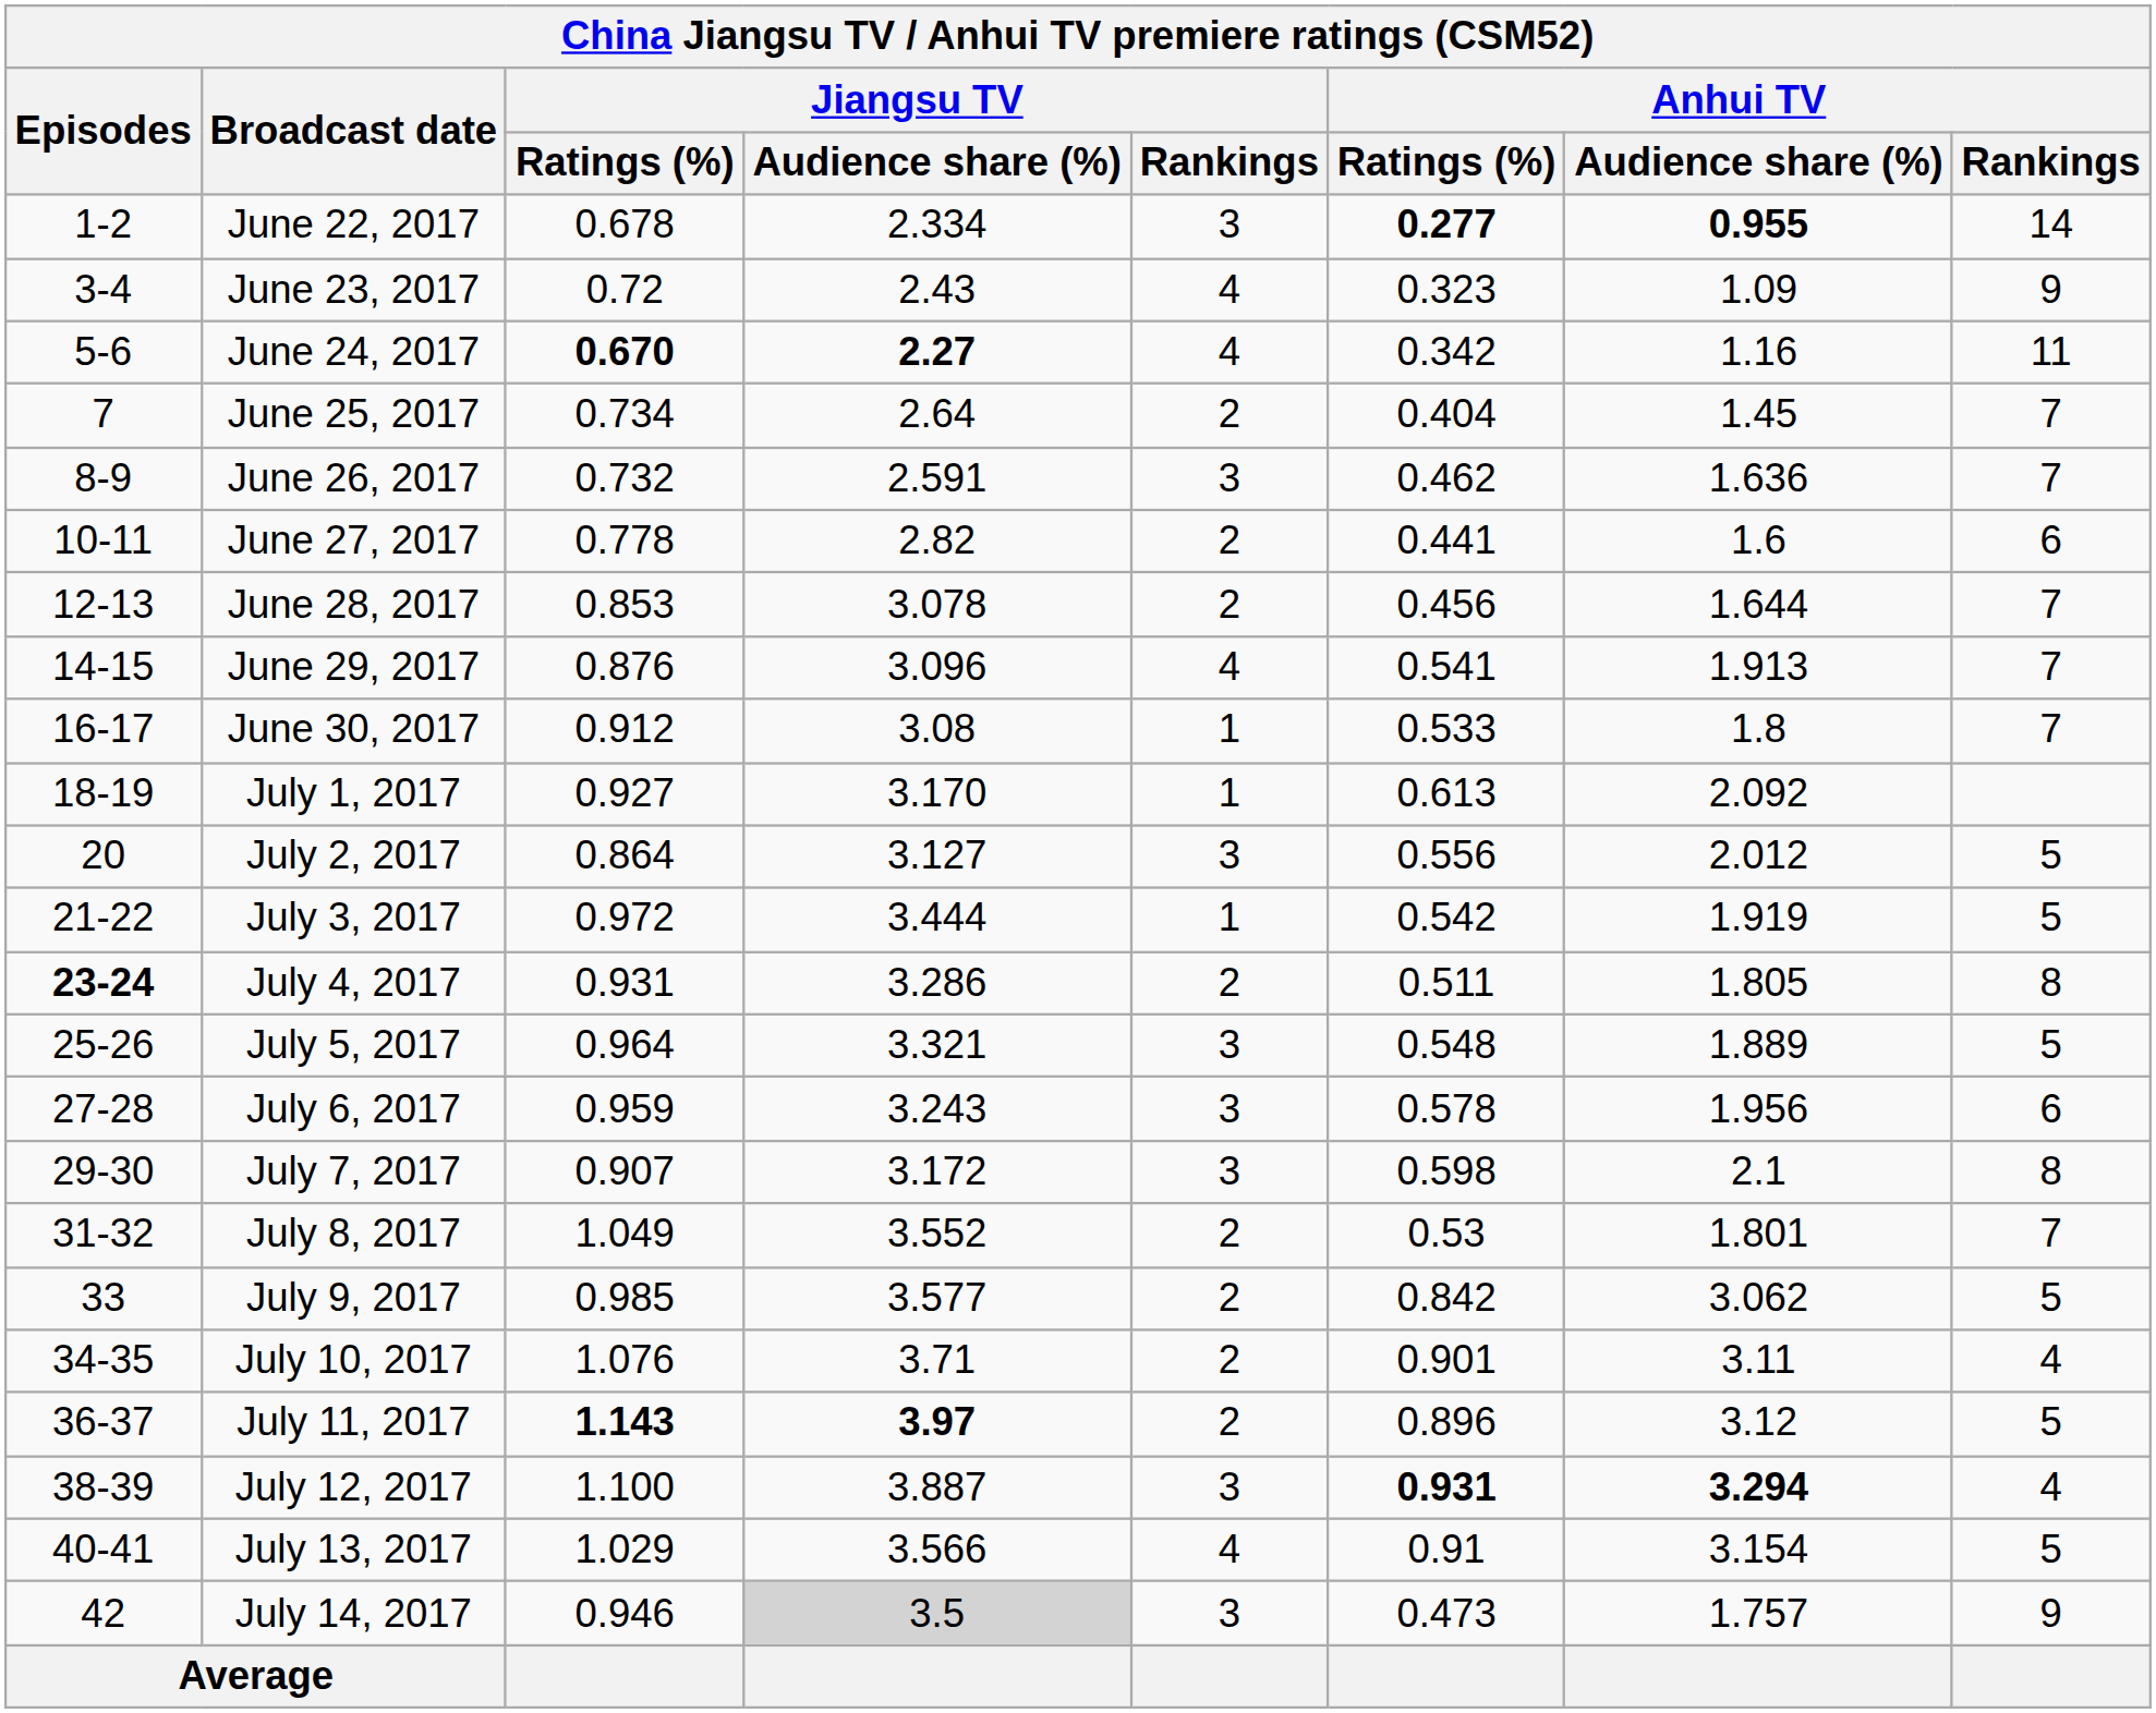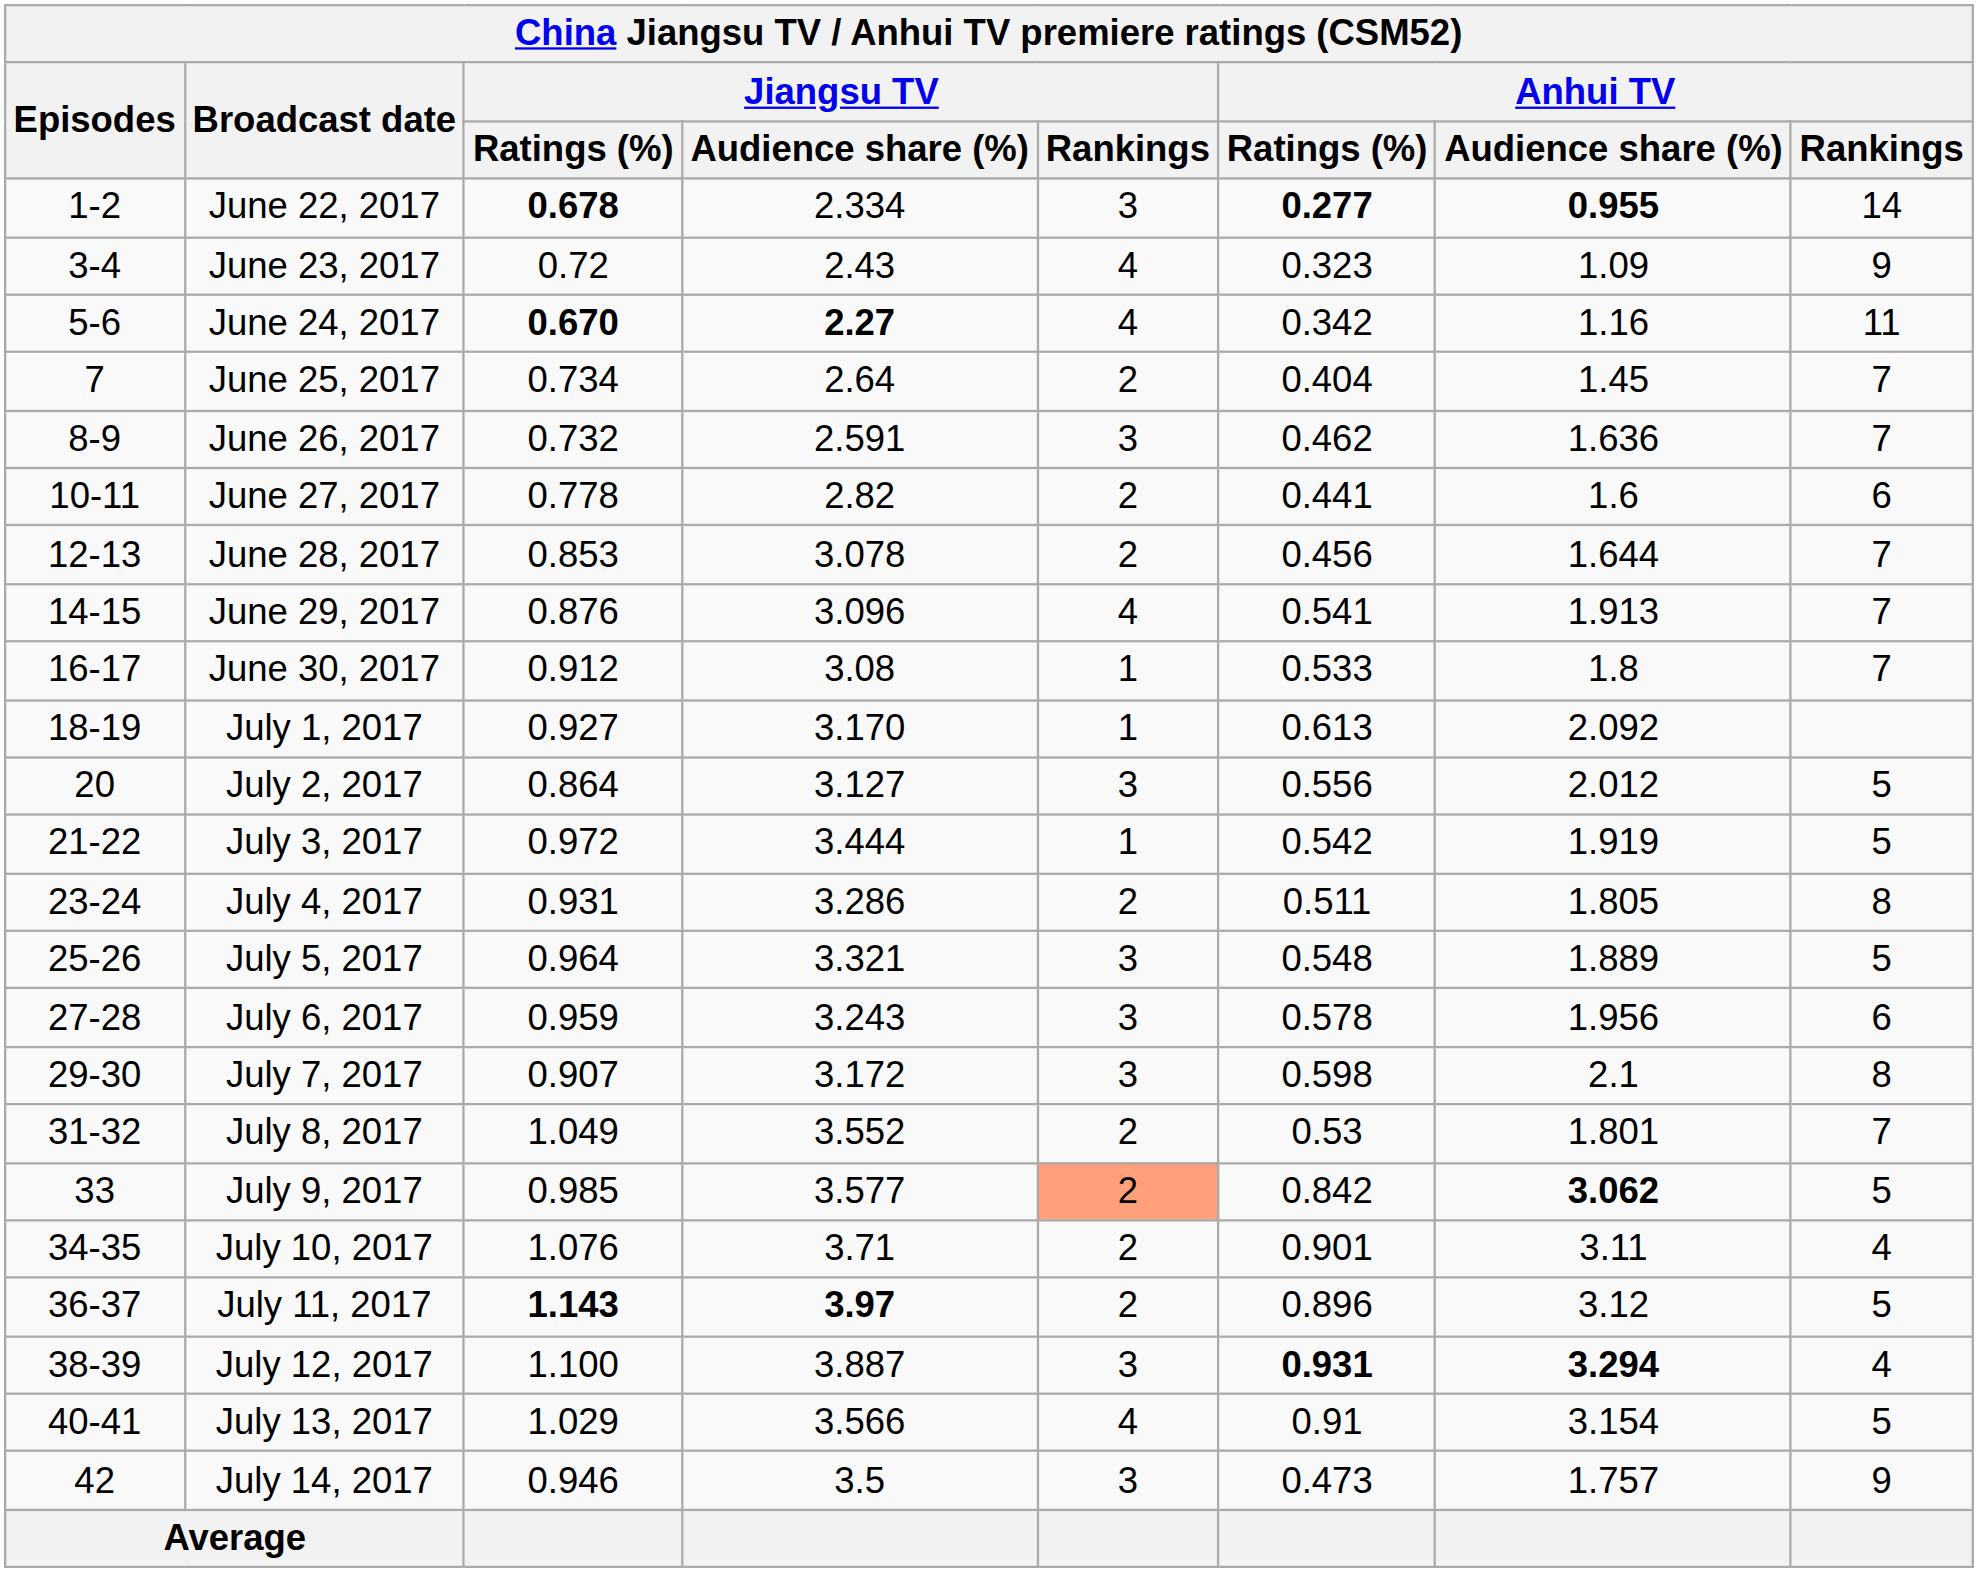 <table class="wikitable sortable mw-collapsible jquery-tablesorter" style="text-align:center">
 <tr>
 <th colspan="11"><strong><a href='#'>China</a> Jiangsu TV / Anhui TV premiere ratings (CSM52)</strong></th>
 </tr>
 <tr>
 <th rowspan="2"><strong>Episodes</strong></th>
 <th rowspan="2"><strong>Broadcast date</strong></th>
 <th colspan="3"><strong><a href='#'>Jiangsu TV</a></strong></th>
 <th colspan="3"><strong><a href='#'>Anhui TV</a></strong></th>
 </tr>
 <tr>
 <th><strong>Ratings (%)</strong></th>
 <th><strong>Audience share (%)</strong></th>
 <th><strong>Rankings</strong></th>
 <th><strong>Ratings (%)</strong></th>
 <th><strong>Audience share (%)</strong></th>
 <th><strong>Rankings</strong></th>
 </tr>
 <tr>
 <td>1-2</td>
 <td>June 22, 2017</td>
-<td>0.678</td>
+<td><strong>0.678</strong></td>
 <td>2.334</td>
 <td>3</td>
 <td><strong><span>0.277</span></strong></td>
 <td><strong><span>0.955</span></strong></td>
 <td>14</td>
 </tr>
 <tr>
 <td>3-4</td>
 <td>June 23, 2017</td>
 <td>0.72</td>
 <td>2.43</td>
 <td>4</td>
 <td>0.323</td>
 <td>1.09</td>
 <td>9</td>
 </tr>
 <tr>
 <td>5-6</td>
 <td>June 24, 2017</td>
 <td><strong><span>0.670</span></strong></td>
 <td><strong><span>2.27</span></strong></td>
 <td>4</td>
 <td>0.342</td>
 <td>1.16</td>
 <td>11</td>
 </tr>
 <tr>
 <td>7</td>
 <td>June 25, 2017</td>
 <td>0.734</td>
 <td>2.64</td>
 <td>2</td>
 <td>0.404</td>
 <td>1.45</td>
 <td>7</td>
 </tr>
 <tr>
 <td>8-9</td>
 <td>June 26, 2017</td>
 <td>0.732</td>
 <td>2.591</td>
 <td>3</td>
 <td>0.462</td>
 <td>1.636</td>
 <td>7</td>
 </tr>
 <tr>
 <td>10-11</td>
 <td>June 27, 2017</td>
 <td>0.778</td>
 <td>2.82</td>
 <td>2</td>
 <td>0.441</td>
 <td>1.6</td>
 <td>6</td>
 </tr>
 <tr>
 <td>12-13</td>
 <td>June 28, 2017</td>
 <td>0.853</td>
 <td>3.078</td>
 <td>2</td>
 <td>0.456</td>
 <td>1.644</td>
 <td>7</td>
 </tr>
 <tr>
 <td>14-15</td>
 <td>June 29, 2017</td>
 <td>0.876</td>
 <td>3.096</td>
 <td>4</td>
 <td>0.541</td>
 <td>1.913</td>
 <td>7</td>
 </tr>
 <tr>
 <td>16-17</td>
 <td>June 30, 2017</td>
 <td>0.912</td>
 <td>3.08</td>
 <td>1</td>
 <td>0.533</td>
 <td>1.8</td>
 <td>7</td>
 </tr>
 <tr>
 <td>18-19</td>
 <td>July 1, 2017</td>
 <td>0.927</td>
 <td>3.170</td>
 <td>1</td>
 <td>0.613</td>
 <td>2.092</td>
 <td></td>
 </tr>
 <tr>
 <td>20</td>
 <td>July 2, 2017</td>
 <td>0.864</td>
 <td>3.127</td>
 <td>3</td>
 <td>0.556</td>
 <td>2.012</td>
 <td>5</td>
 </tr>
 <tr>
 <td>21-22</td>
 <td>July 3, 2017</td>
 <td>0.972</td>
 <td>3.444</td>
 <td>1</td>
 <td>0.542</td>
 <td>1.919</td>
 <td>5</td>
 </tr>
 <tr>
-<td><strong>23-24</strong></td>
+<td>23-24</td>
 <td>July 4, 2017</td>
 <td>0.931</td>
 <td>3.286</td>
 <td>2</td>
 <td>0.511</td>
 <td>1.805</td>
 <td>8</td>
 </tr>
 <tr>
 <td>25-26</td>
 <td>July 5, 2017</td>
 <td>0.964</td>
 <td>3.321</td>
 <td>3</td>
 <td>0.548</td>
 <td>1.889</td>
 <td>5</td>
 </tr>
 <tr>
 <td>27-28</td>
 <td>July 6, 2017</td>
 <td>0.959</td>
 <td>3.243</td>
 <td>3</td>
 <td>0.578</td>
 <td>1.956</td>
 <td>6</td>
 </tr>
 <tr>
 <td>29-30</td>
 <td>July 7, 2017</td>
 <td>0.907</td>
 <td>3.172</td>
 <td>3</td>
 <td>0.598</td>
 <td>2.1</td>
 <td>8</td>
 </tr>
 <tr>
 <td>31-32</td>
 <td>July 8, 2017</td>
 <td>1.049</td>
 <td>3.552</td>
 <td>2</td>
 <td>0.53</td>
 <td>1.801</td>
 <td>7</td>
 </tr>
 <tr>
 <td>33</td>
 <td>July 9, 2017</td>
 <td>0.985</td>
 <td>3.577</td>
-<td>2</td>
+<td style="background: lightsalmon;">2</td>
 <td>0.842</td>
-<td>3.062</td>
+<td><strong>3.062</strong></td>
 <td>5</td>
 </tr>
 <tr>
 <td>34-35</td>
 <td>July 10, 2017</td>
 <td>1.076</td>
 <td>3.71</td>
 <td>2</td>
 <td>0.901</td>
 <td>3.11</td>
 <td>4</td>
 </tr>
 <tr>
 <td>36-37</td>
 <td>July 11, 2017</td>
 <td><strong><span>1.143</span></strong></td>
 <td><strong><span>3.97</span></strong></td>
 <td>2</td>
 <td>0.896</td>
 <td>3.12</td>
 <td>5</td>
 </tr>
 <tr>
 <td>38-39</td>
 <td>July 12, 2017</td>
 <td>1.100</td>
 <td>3.887</td>
 <td>3</td>
 <td><strong><span>0.931</span></strong></td>
 <td><strong><span>3.294</span></strong></td>
 <td>4</td>
 </tr>
 <tr>
 <td>40-41</td>
 <td>July 13, 2017</td>
 <td>1.029</td>
 <td>3.566</td>
 <td>4</td>
 <td>0.91</td>
 <td>3.154</td>
 <td>5</td>
 </tr>
 <tr>
 <td>42</td>
 <td>July 14, 2017</td>
 <td>0.946</td>
-<td style="background: lightgrey;">3.5</td>
+<td>3.5</td>
 <td>3</td>
 <td>0.473</td>
 <td>1.757</td>
 <td>9</td>
 </tr>
 <tr>
 <th colspan=2>Average</th>
 <th></th>
 <th></th>
 <th></th>
 <th></th>
 <th></th>
 <th></th>
 </tr>
 </table>
